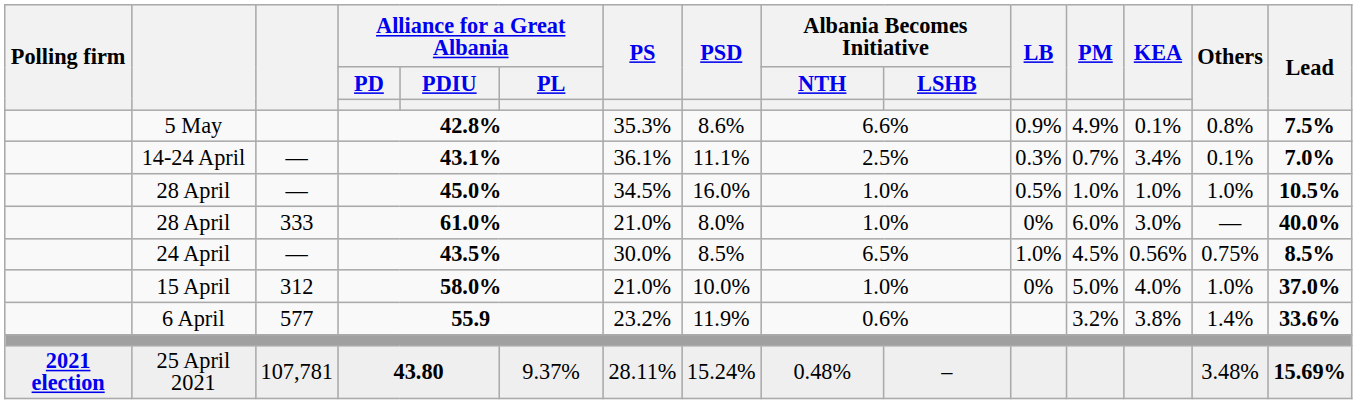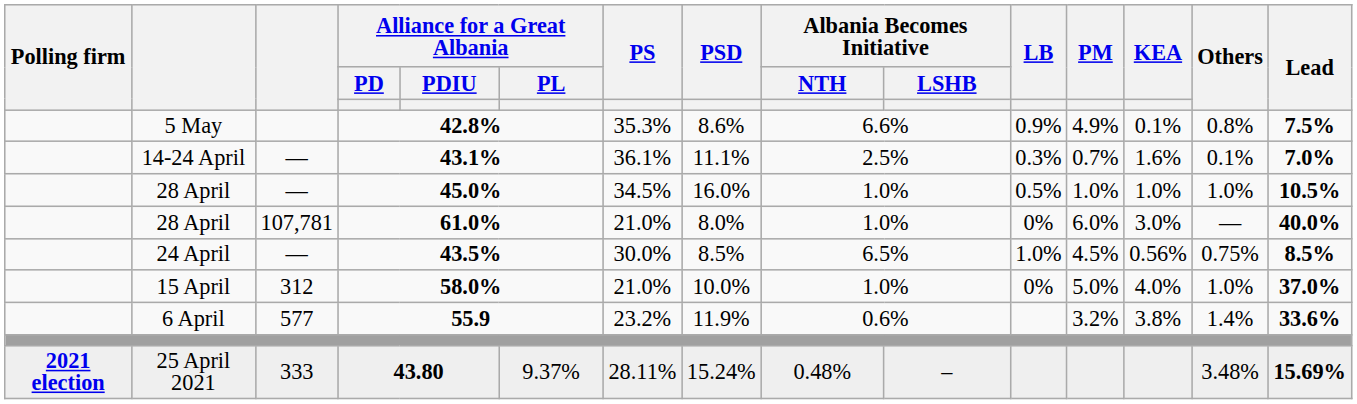 <table class="wikitable sortable tpl-blanktablele" style="text-align:center;font-size:90%;line-height:14px;">
 <tr style="height:40px;">
 <th rowspan="3">Polling firm</th>
 <th rowspan="3"></th>
 <th rowspan="3"></th>
 <th colspan=3><a href='#'>Alliance for a Great Albania</a></th>
 <th class="unsortable" style="width:40px;" rowspan=2><a href='#'>PS</a></th>
 <th class="unsortable" style="width:40px;" rowspan=2><a href='#'>PSD</a></th>
 <th colspan=2>Albania Becomes Initiative</th>
 <th class="unsortable" style="width:30px;"  rowspan=2><a href='#'>LB</a></th>
 <th class="unsortable" style="width:30px;"  rowspan=2><a href='#'>PM</a></th>
 <th class="unsortable" style="width:30px;"  rowspan=2><a href='#'>KEA</a></th>
 <th class="unsortable" style="width:30px;"  rowspan=3>Others</th>
 <th style="width:30px;" rowspan=3><br>Lead</th>
 </tr>
 <tr>
 <th><a href='#'>PD</a></th>
 <th><a href='#'>PDIU</a></th>
 <th><a href='#'>PL</a></th>
 <th><a href='#'>NTH</a></th>
 <th><a href='#'>LSHB</a></th>
 </tr>
 <tr>
 <th style="background:"></th>
 <th style="background:"></th>
 <th style="background:"></th>
 <th style="background:"></th>
 <th style="background:"></th>
 <th style="background:"></th>
 <th style="background:"></th>
 <th style="background:"></th>
 <th style="background:"></th>
 <th style="background:"></th>
 </tr>
 <tr>
 <td></td>
 <td>5 May</td>
 <td></td>
 <td colspan="3"; ><strong>42.8%</strong><br> </td>
 <td>35.3%<br> </td>
 <td>8.6%<br> </td>
 <td colspan="2">6.6%<br> </td>
 <td>0.9%<br> </td>
 <td>4.9%<br> </td>
 <td>0.1%<br> </td>
 <td>0.8%</td>
 <td style="background:"><strong>7.5%</strong></td>
 </tr>
 <tr>
 <td></td>
 <td>14-24 April</td>
 <td>—</td>
 <td colspan="3"; ><strong>43.1%</strong></td>
 <td>36.1%</td>
 <td>11.1%</td>
 <td colspan="2">2.5%</td>
 <td>0.3%</td>
 <td>0.7%</td>
-<td>3.4%</td>
+<td>1.6%</td>
 <td>0.1%</td>
 <td style="background:"><strong>7.0%</strong></td>
 </tr>
 <tr>
 <td></td>
 <td>28 April</td>
 <td>—</td>
 <td colspan="3"; ><strong>45.0%</strong><br> </td>
 <td>34.5%<br> </td>
 <td>16.0%<br> </td>
 <td colspan="2">1.0%<br> </td>
 <td>0.5%<br> </td>
 <td>1.0%<br> </td>
 <td>1.0%<br> </td>
 <td>1.0%</td>
 <td style="background:"><strong>10.5%</strong></td>
 </tr>
 <tr>
 <td></td>
 <td>28 April</td>
-<td>333</td>
+<td>107,781</td>
 <td colspan="3"; ><strong>61.0%</strong><br> </td>
 <td>21.0%<br></td>
 <td>8.0%<br></td>
 <td colspan="2">1.0%<br></td>
 <td>0%<br></td>
 <td>6.0%<br></td>
 <td>3.0%<br></td>
 <td>—</td>
 <td style="background:"><strong>40.0%</strong></td>
 </tr>
 <tr>
 <td></td>
 <td>24 April</td>
 <td>—</td>
 <td colspan="3"; ><strong>43.5%</strong><br> </td>
 <td>30.0%<br> </td>
 <td>8.5%<br> </td>
 <td colspan="2">6.5%<br> </td>
 <td>1.0%<br> </td>
 <td>4.5%<br> </td>
 <td>0.56%<br> </td>
 <td>0.75%</td>
 <td style="background:"><strong>8.5%</strong></td>
 </tr>
 <tr>
 <td></td>
 <td>15 April</td>
 <td>312</td>
 <td colspan="3"; ><strong>58.0%</strong><br></td>
 <td>21.0%<br></td>
 <td>10.0%<br></td>
 <td colspan="2";>1.0%<br></td>
 <td>0%<br></td>
 <td>5.0%<br></td>
 <td>4.0%<br></td>
 <td>1.0%</td>
 <td style="background:"><strong>37.0%</strong></td>
 </tr>
 <tr>
 <td></td>
 <td>6 April</td>
 <td>577</td>
 <td colspan="3"; ><strong>55.9</strong><br> </td>
 <td>23.2%<br></td>
 <td>11.9%<br></td>
 <td colspan="2">0.6%<br></td>
 <td></td>
 <td>3.2%<br></td>
 <td>3.8%<br></td>
 <td>1.4%</td>
 <td style="background:"><strong>33.6%</strong></td>
 </tr>
 <tr>
 <td colspan="15" style="background:#A0A0A0"></td>
 </tr>
 <tr style="background:#EFEFEF">
 <td><strong><a href='#'>2021 election</a></strong></td>
 <td>25 April 2021</td>
-<td>107,781</td>
+<td>333</td>
 <td colspan="2"; ><strong>43.80</strong><br> </td>
 <td>9.37%<br></td>
 <td>28.11%<br></td>
 <td>15.24%<br></td>
 <td>0.48% <br></td>
 <td>–</td>
 <td></td>
 <td></td>
 <td></td>
 <td>3.48%</td>
 <td style="background:"><strong>15.69%</strong></td>
 </tr>
 </table>
